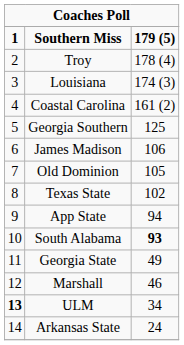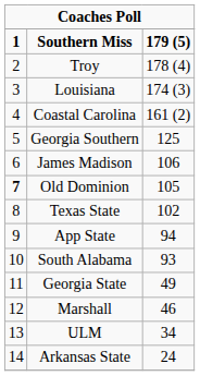 <table class="wikitable">
 <tr align="center">
 <td align="center" Colspan="3"><strong>Coaches Poll</strong></td>
 </tr>
 <tr align="center">
 </tr>
 <tr align="center">
 <td><strong>1</strong></td>
 <td><strong>Southern Miss</strong></td>
 <td><strong>179 (5)</strong></td>
 </tr>
 <tr align="center">
 <td>2</td>
 <td>Troy</td>
 <td>178 (4)</td>
 </tr>
 <tr align="center">
 <td>3</td>
 <td>Louisiana</td>
 <td>174 (3)</td>
 </tr>
 <tr align="center">
 <td>4</td>
 <td>Coastal Carolina</td>
 <td>161 (2)</td>
 </tr>
 <tr align="center">
 <td>5</td>
 <td>Georgia Southern</td>
 <td>125</td>
 </tr>
 <tr align="center">
 <td>6</td>
 <td>James Madison</td>
 <td>106</td>
 </tr>
 <tr align="center">
-<td>7</td>
+<td><strong>7</strong></td>
 <td>Old Dominion</td>
 <td>105</td>
 </tr>
 <tr align="center">
 <td>8</td>
 <td>Texas State</td>
 <td>102</td>
 </tr>
 <tr align="center">
 <td>9</td>
 <td>App State</td>
 <td>94</td>
 </tr>
 <tr align="center">
 <td>10</td>
 <td>South Alabama</td>
-<td><strong>93</strong></td>
+<td>93</td>
 </tr>
 <tr align="center">
 <td>11</td>
 <td>Georgia State</td>
 <td>49</td>
 </tr>
 <tr align="center">
 <td>12</td>
 <td>Marshall</td>
 <td>46</td>
 </tr>
 <tr align="center">
-<td><strong>13</strong></td>
+<td>13</td>
 <td>ULM</td>
 <td>34</td>
 </tr>
 <tr align="center">
 <td>14</td>
 <td>Arkansas State</td>
 <td>24</td>
 </tr>
 <tr align="center">
 </tr>
 </table>
